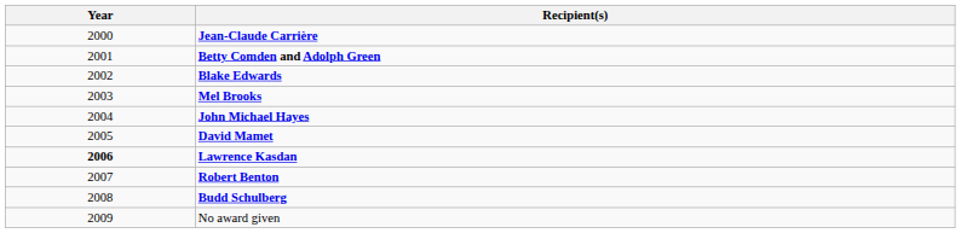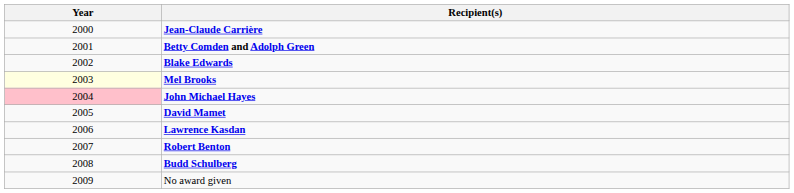 <table class="wikitable" style="width: 60%;">
 <tr>
 <th width="20%">Year</th>
 <th width="80%">Recipient(s)</th>
 </tr>
 <tr>
 <td style="text-align:center;">2000</td>
 <td><strong><a href='#'>Jean-Claude Carrière</a></strong></td>
 </tr>
 <tr>
 <td style="text-align:center;">2001</td>
 <td><strong><a href='#'>Betty Comden</a> and <a href='#'>Adolph Green</a></strong></td>
 </tr>
 <tr>
 <td style="text-align:center;">2002</td>
 <td><strong><a href='#'>Blake Edwards</a></strong></td>
 </tr>
 <tr>
-<td style="text-align:center;">2003</td>
+<td style="background: lightyellow; text-align:center;">2003</td>
 <td><strong><a href='#'>Mel Brooks</a></strong></td>
 </tr>
 <tr>
-<td style="text-align:center;">2004</td>
+<td style="background: pink; text-align:center;">2004</td>
 <td><strong><a href='#'>John Michael Hayes</a></strong></td>
 </tr>
 <tr>
 <td style="text-align:center;">2005</td>
 <td><strong><a href='#'>David Mamet</a></strong></td>
 </tr>
 <tr>
-<td style="text-align:center;"><strong>2006</strong></td>
+<td style="text-align:center;">2006</td>
 <td><strong><a href='#'>Lawrence Kasdan</a></strong></td>
 </tr>
 <tr>
 <td style="text-align:center;">2007</td>
 <td><strong><a href='#'>Robert Benton</a></strong></td>
 </tr>
 <tr>
 <td style="text-align:center;">2008</td>
 <td><strong><a href='#'>Budd Schulberg</a></strong></td>
 </tr>
 <tr>
 <td style="text-align:center;">2009</td>
 <td>No award given</td>
 </tr>
 </table>
